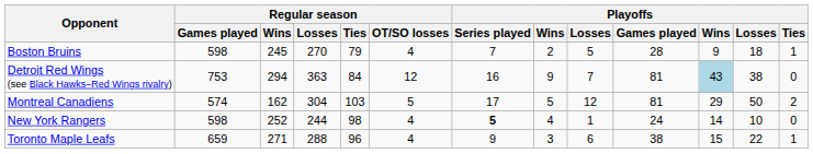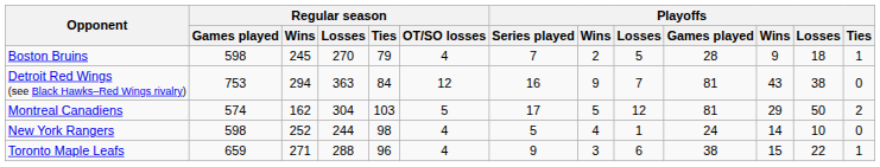 <table class="wikitable unsortable" style="text-align:center; font-size:95%;">
 <tr>
 <th rowspan="2">Opponent</th>
 <th colspan="5">Regular season</th>
 <th colspan="8">Playoffs</th>
 </tr>
 <tr>
 <th>Games played</th>
 <th>Wins</th>
 <th>Losses</th>
 <th>Ties</th>
 <th>OT/SO losses</th>
 <th>Series played</th>
 <th>Wins</th>
 <th>Losses</th>
 <th>Games played</th>
 <th>Wins</th>
 <th>Losses</th>
 <th>Ties</th>
 </tr>
 <tr>
 <td style="text-align:left;"><a href='#'>Boston Bruins</a></td>
 <td>598</td>
 <td>245</td>
 <td>270</td>
 <td>79</td>
 <td>4</td>
 <td>7</td>
 <td>2</td>
 <td>5</td>
 <td>28</td>
 <td>9</td>
 <td>18</td>
 <td>1</td>
 </tr>
 <tr>
 <td style="text-align:left;"><a href='#'>Detroit Red Wings</a><br><small>(see <a href='#'>Black Hawks–Red Wings rivalry</a>)</small></td>
 <td>753</td>
 <td>294</td>
 <td>363</td>
 <td>84</td>
 <td>12</td>
 <td>16</td>
 <td>9</td>
 <td>7</td>
 <td>81</td>
-<td style="background: lightblue;">43</td>
+<td>43</td>
 <td>38</td>
 <td>0</td>
 </tr>
 <tr>
 <td style="text-align:left;"><a href='#'>Montreal Canadiens</a></td>
 <td>574</td>
 <td>162</td>
 <td>304</td>
 <td>103</td>
 <td>5</td>
 <td>17</td>
 <td>5</td>
 <td>12</td>
 <td>81</td>
 <td>29</td>
 <td>50</td>
 <td>2</td>
 </tr>
 <tr>
 <td style="text-align:left;"><a href='#'>New York Rangers</a></td>
 <td>598</td>
 <td>252</td>
 <td>244</td>
 <td>98</td>
 <td>4</td>
-<td><strong>5</strong></td>
+<td>5</td>
 <td>4</td>
 <td>1</td>
 <td>24</td>
 <td>14</td>
 <td>10</td>
 <td>0</td>
 </tr>
 <tr>
 <td style="text-align:left;"><a href='#'>Toronto Maple Leafs</a></td>
 <td>659</td>
 <td>271</td>
 <td>288</td>
 <td>96</td>
 <td>4</td>
 <td>9</td>
 <td>3</td>
 <td>6</td>
 <td>38</td>
 <td>15</td>
 <td>22</td>
 <td>1</td>
 </tr>
 </table>
